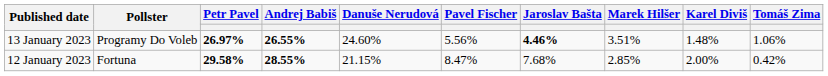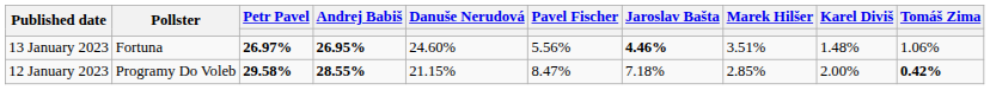 <table class="wikitable" style=text-align:center">
 <tr>
 <th rowspan="2">Published date</th>
 <th rowspan="2">Pollster</th>
 <th><a href='#'>Petr Pavel</a></th>
 <th><a href='#'>Andrej Babiš</a></th>
 <th><a href='#'>Danuše Nerudová</a></th>
 <th><a href='#'>Pavel Fischer</a></th>
 <th><a href='#'>Jaroslav Bašta</a></th>
 <th><a href='#'>Marek Hilšer</a></th>
 <th><a href='#'>Karel Diviš</a></th>
 <th><a href='#'>Tomáš Zima</a></th>
 </tr>
 <tr>
 <th style="background:"></th>
 <th style="background:"></th>
 <th style="background:"></th>
 <th style="background:"></th>
 <th style="background:"></th>
 <th style="background:"></th>
 <th style="background:"></th>
 <th style="background:"></th>
 </tr>
 <tr>
 <td>13 January 2023</td>
-<td>Programy Do Voleb</td>
+<td>Fortuna</td>
 <td><strong>26.97%</strong></td>
-<td><strong>26.55%</strong></td>
+<td><strong>26.95%</strong></td>
 <td>24.60%</td>
 <td>5.56%</td>
 <td><strong>4.46%</strong></td>
 <td>3.51%</td>
 <td>1.48%</td>
 <td>1.06%</td>
 </tr>
 <tr>
 <td>12 January 2023</td>
-<td>Fortuna</td>
+<td>Programy Do Voleb</td>
 <td><strong>29.58%</strong></td>
 <td><strong>28.55%</strong></td>
 <td>21.15%</td>
 <td>8.47%</td>
-<td>7.68%</td>
+<td>7.18%</td>
 <td>2.85%</td>
 <td>2.00%</td>
-<td>0.42%</td>
+<td><strong>0.42%</strong></td>
 </tr>
 </table>
